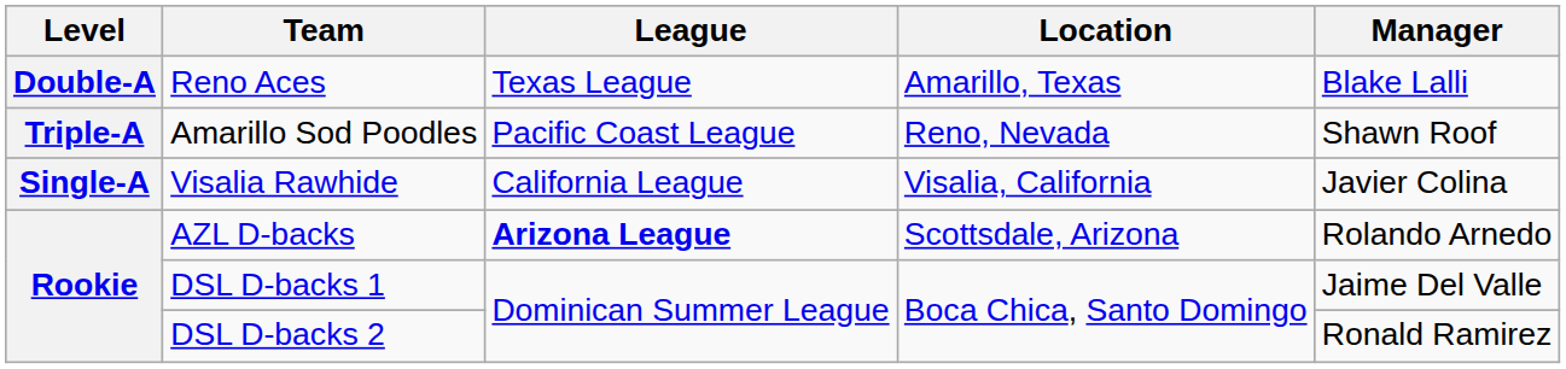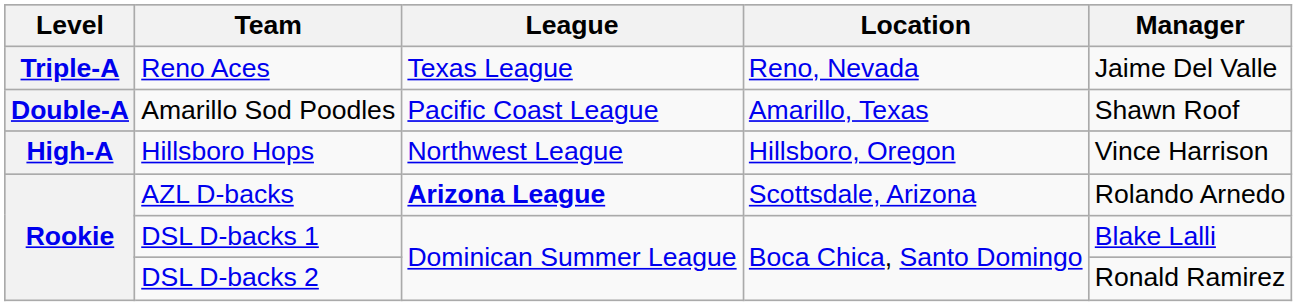 <table class="wikitable plainrowheaders">
 <tr>
 <th scope="col" style="text-align:center; ">Level</th>
 <th scope="col" style="text-align:center; ">Team</th>
 <th scope="col" style="text-align:center; ">League</th>
 <th scope="col" style="text-align:center; ">Location</th>
 <th scope="col" style="text-align:center; ">Manager</th>
 </tr>
 <tr>
-<th scope="row"><a href='#'>Double-A</a></th>
+<th scope="row"><a href='#'>Triple-A</a></th>
 <td><a href='#'>Reno Aces</a></td>
 <td><a href='#'>Texas League</a></td>
-<td><a href='#'>Amarillo, Texas</a></td>
-<td><a href='#'>Blake Lalli</a></td>
+<td><a href='#'>Reno, Nevada</a></td>
+<td>Jaime Del Valle</td>
 </tr>
 <tr>
-<th scope="row"><a href='#'>Triple-A</a></th>
+<th scope="row"><a href='#'>Double-A</a></th>
 <td>Amarillo Sod Poodles</td>
 <td><a href='#'>Pacific Coast League</a></td>
-<td><a href='#'>Reno, Nevada</a></td>
+<td><a href='#'>Amarillo, Texas</a></td>
 <td>Shawn Roof</td>
 </tr>
 <tr>
-<th scope="row"><a href='#'>Single-A</a></th>
-<td><a href='#'>Visalia Rawhide</a></td>
-<td><a href='#'>California League</a></td>
-<td><a href='#'>Visalia, California</a></td>
-<td>Javier Colina</td>
+<th scope="row"><a href='#'>High-A</a></th>
+<td><a href='#'>Hillsboro Hops</a></td>
+<td><a href='#'>Northwest League</a></td>
+<td><a href='#'>Hillsboro, Oregon</a></td>
+<td>Vince Harrison</td>
 </tr>
 <tr>
 <th scope="row" rowspan=3><a href='#'>Rookie</a></th>
 <td><a href='#'>AZL D-backs</a></td>
 <td><strong><a href='#'>Arizona League</a></strong></td>
 <td><a href='#'>Scottsdale, Arizona</a></td>
 <td>Rolando Arnedo</td>
 </tr>
 <tr>
 <td><a href='#'>DSL D-backs 1</a></td>
 <td rowspan=2><a href='#'>Dominican Summer League</a></td>
 <td rowspan=2><a href='#'>Boca Chica</a>, <a href='#'>Santo Domingo</a></td>
-<td>Jaime Del Valle</td>
+<td><a href='#'>Blake Lalli</a></td>
 </tr>
 <tr>
 <td><a href='#'>DSL D-backs 2</a></td>
 <td>Ronald Ramirez</td>
 </tr>
 </table>
